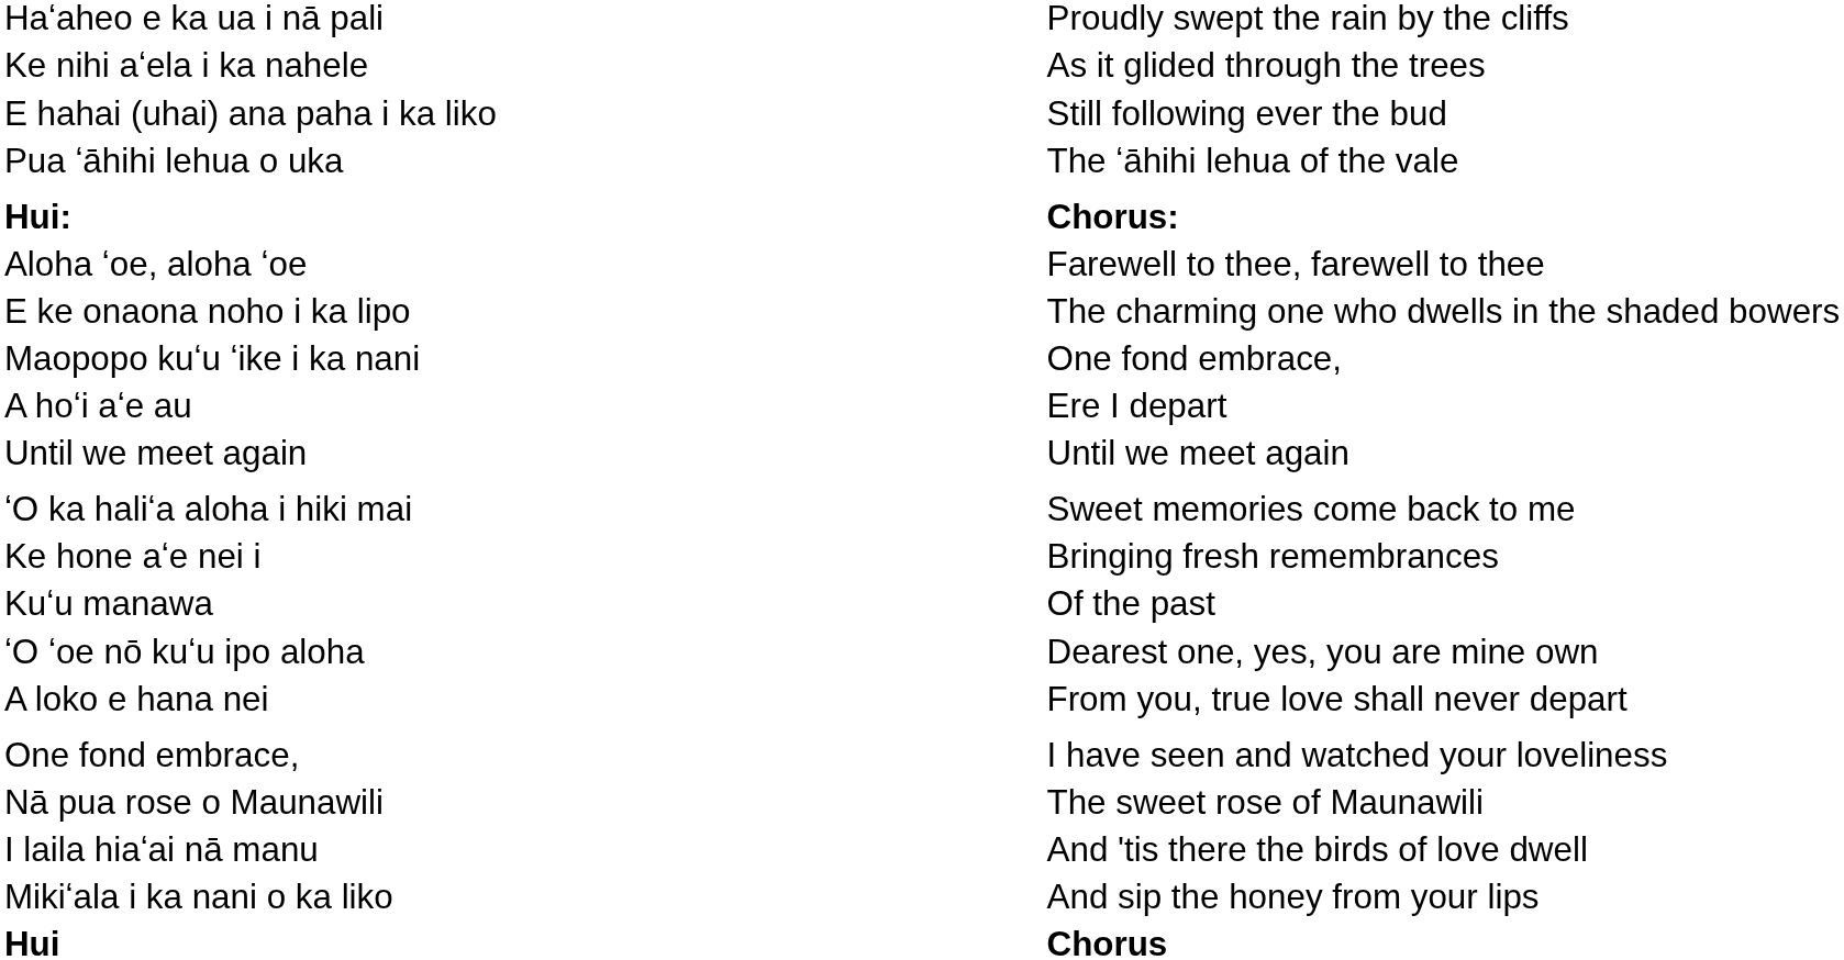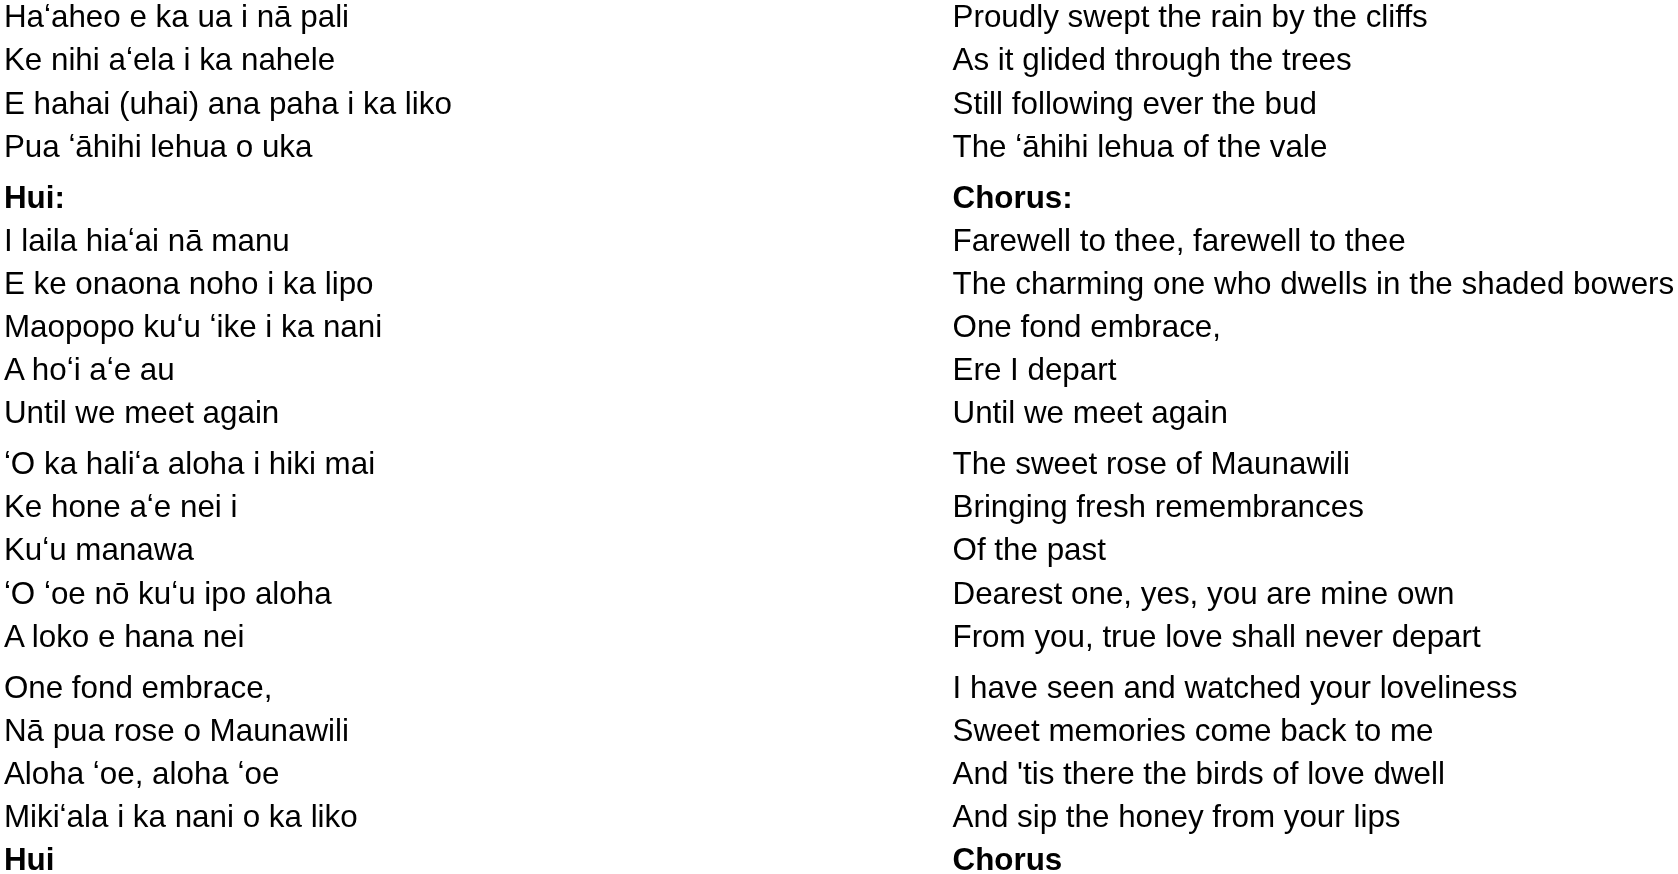 <table>
 <tr>
 <td>Haʻaheo e ka ua i nā pali</td>
 <td>Proudly swept the rain by the cliffs</td>
 </tr>
 <tr>
 <td>Ke nihi aʻela i ka nahele</td>
 <td>As it glided through the trees</td>
 </tr>
 <tr>
 <td>E hahai (uhai) ana paha i ka liko</td>
 <td>Still following ever the bud</td>
 </tr>
 <tr>
 <td>Pua ʻāhihi lehua o uka</td>
 <td>The ʻāhihi lehua of the vale</td>
 </tr>
 <tr>
 <td style="width:30em"></td>
 <td style="width:30em"></td>
 </tr>
 <tr>
 <td><strong>Hui:</strong></td>
 <td><strong>Chorus:</strong></td>
 </tr>
 <tr>
-<td>Aloha ʻoe, aloha ʻoe</td>
+<td>I laila hiaʻai nā manu</td>
 <td>Farewell to thee, farewell to thee</td>
 </tr>
 <tr>
 <td>E ke onaona noho i ka lipo</td>
 <td>The charming one who dwells in the shaded bowers</td>
 </tr>
 <tr>
 <td>Maopopo kuʻu ʻike i ka nani</td>
 <td>One fond embrace,</td>
 </tr>
 <tr>
 <td>A hoʻi aʻe au</td>
 <td>Ere I depart</td>
 </tr>
 <tr>
 <td>Until we meet again</td>
 <td>Until we meet again</td>
 </tr>
 <tr>
 <td style="width:30em"></td>
 <td style="width:30em"></td>
 </tr>
 <tr>
 <td>ʻO ka haliʻa aloha i hiki mai</td>
-<td>Sweet memories come back to me</td>
+<td>The sweet rose of Maunawili</td>
 </tr>
 <tr>
 <td>Ke hone aʻe nei i</td>
 <td>Bringing fresh remembrances</td>
 </tr>
 <tr>
 <td>Kuʻu manawa</td>
 <td>Of the past</td>
 </tr>
 <tr>
 <td>ʻO ʻoe nō kuʻu ipo aloha</td>
 <td>Dearest one, yes, you are mine own</td>
 </tr>
 <tr>
 <td>A loko e hana nei</td>
 <td>From you, true love shall never depart</td>
 </tr>
 <tr>
 <td style="width:30em"></td>
 <td style="width:30em"></td>
 </tr>
 <tr>
 <td>One fond embrace,</td>
 <td>I have seen and watched your loveliness</td>
 </tr>
 <tr>
 <td>Nā pua rose o Maunawili</td>
-<td>The sweet rose of Maunawili</td>
+<td>Sweet memories come back to me</td>
 </tr>
 <tr>
-<td>I laila hiaʻai nā manu</td>
+<td>Aloha ʻoe, aloha ʻoe</td>
 <td>And 'tis there the birds of love dwell</td>
 </tr>
 <tr>
 <td>Mikiʻala i ka nani o ka liko</td>
 <td>And sip the honey from your lips</td>
 </tr>
 <tr>
 <td><strong>Hui</strong></td>
 <td><strong>Chorus</strong></td>
 </tr>
 </table>
